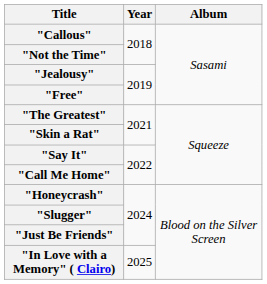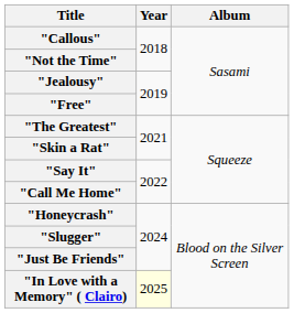 <table class="wikitable plainrowheaders" style="text-align:center">
 <tr>
 <th scope="col" style="width:9em;">Title</th>
 <th scope="col">Year</th>
 <th scope="col" style="width:8em;">Album</th>
 </tr>
 <tr>
 <th scope="row">"Callous"</th>
 <td rowspan="2">2018</td>
 <td rowspan="4"><em>Sasami</em></td>
 </tr>
 <tr>
 <th scope="row">"Not the Time"</th>
 </tr>
 <tr>
 <th scope="row">"Jealousy"</th>
 <td rowspan="2">2019</td>
 </tr>
 <tr>
 <th scope="row">"Free"</th>
 </tr>
 <tr>
 <th scope = "row">"The Greatest"</th>
 <td rowspan="2">2021</td>
 <td rowspan=4><em>Squeeze</em></td>
 </tr>
 <tr>
 <th scope="row">"Skin a Rat"</th>
 </tr>
 <tr>
 <th scope="row">"Say It"</th>
 <td rowspan="2">2022</td>
 </tr>
 <tr>
 <th scope="row">"Call Me Home"</th>
 </tr>
 <tr>
 <th scope="row">"Honeycrash"</th>
 <td rowspan="3">2024</td>
 <td rowspan="4"><em>Blood on the Silver Screen</em></td>
 </tr>
 <tr>
 <th scope="row">"Slugger"</th>
 </tr>
 <tr>
 <th scope="row">"Just Be Friends"</th>
 </tr>
 <tr>
 <th scope="row">"In Love with a Memory" ( <a href='#'>Clairo</a>)</th>
-<td rowspan="1">2025</td>
+<td rowspan="1" style="background: lightyellow;">2025</td>
 </tr>
 </table>
